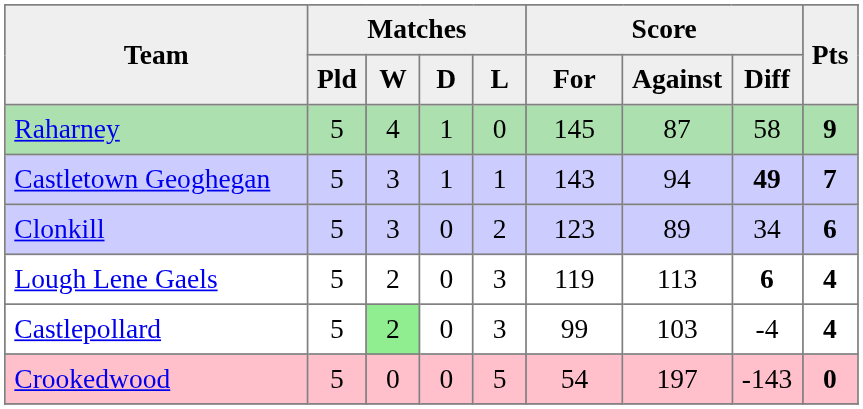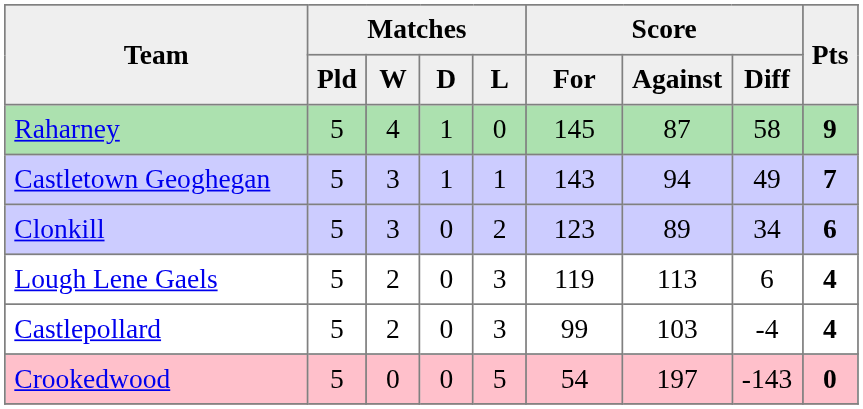 <table style="border-collapse:collapse" border="1" cellspacing="0" cellpadding="5">
 <tr align="center" bgcolor="#efefef">
 <th rowspan="2" width="165">Team</th>
 <th colspan="4">Matches</th>
 <th colspan="3">Score</th>
 <th rowspan=2width=20>Pts</th>
 </tr>
 <tr align="center" bgcolor="#efefef">
 <th width="20">Pld</th>
 <th width="20">W</th>
 <th width="20">D</th>
 <th width="20">L</th>
 <th width="45">For</th>
 <th width="45">Against</th>
 <th width="30">Diff</th>
 </tr>
 <tr align="center" style="background:#ACE1AF;">
 <td style="text-align:left;"> <a href='#'>Raharney</a></td>
 <td>5</td>
 <td>4</td>
 <td>1</td>
 <td>0</td>
 <td>145</td>
 <td>87</td>
 <td>58</td>
 <td><strong>9</strong></td>
 </tr>
 <tr align="center" style="background:#ccccff;">
 <td style="text-align:left;"> <a href='#'>Castletown Geoghegan</a></td>
 <td>5</td>
 <td>3</td>
 <td>1</td>
 <td>1</td>
 <td>143</td>
 <td>94</td>
-<td><strong>49</strong></td>
+<td>49</td>
 <td><strong>7</strong></td>
 </tr>
 <tr align="center" style="background:#ccccff;">
 <td style="text-align:left;"> <a href='#'>Clonkill</a></td>
 <td>5</td>
 <td>3</td>
 <td>0</td>
 <td>2</td>
 <td>123</td>
 <td>89</td>
 <td>34</td>
 <td><strong>6</strong></td>
 </tr>
 <tr align="center">
 <td style="text-align:left;"> <a href='#'>Lough Lene Gaels</a></td>
 <td>5</td>
 <td>2</td>
 <td>0</td>
 <td>3</td>
 <td>119</td>
 <td>113</td>
-<td><strong>6</strong></td>
+<td>6</td>
 <td><strong>4</strong></td>
 </tr>
 <tr align="center">
 <td style="text-align:left;"> <a href='#'>Castlepollard</a></td>
 <td>5</td>
-<td style="background: lightgreen;">2</td>
+<td>2</td>
 <td>0</td>
 <td>3</td>
 <td>99</td>
 <td>103</td>
 <td>-4</td>
 <td><strong>4</strong></td>
 </tr>
 <tr align="center" style="background:#FFC0CB;">
 <td style="text-align:left;"> <a href='#'>Crookedwood</a></td>
 <td>5</td>
 <td>0</td>
 <td>0</td>
 <td>5</td>
 <td>54</td>
 <td>197</td>
 <td>-143</td>
 <td><strong>0</strong></td>
 </tr>
 </table>
